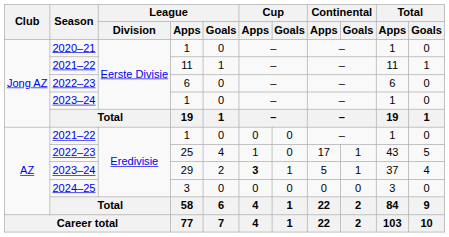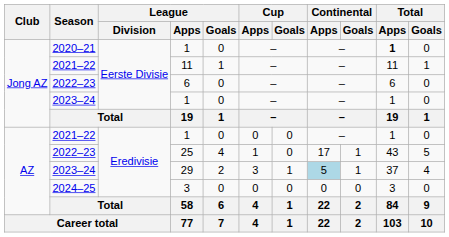 <table class="wikitable" style="text-align: center">
 <tr>
 <th rowspan="2">Club</th>
 <th rowspan="2">Season</th>
 <th colspan="3">League</th>
 <th colspan="2">Cup</th>
 <th colspan="2">Continental</th>
 <th colspan="2">Total</th>
 </tr>
 <tr>
 <th>Division</th>
 <th>Apps</th>
 <th>Goals</th>
 <th>Apps</th>
 <th>Goals</th>
 <th>Apps</th>
 <th>Goals</th>
 <th>Apps</th>
 <th>Goals</th>
 </tr>
 <tr>
 <td rowspan="5"><a href='#'>Jong AZ</a></td>
 <td><a href='#'>2020–21</a></td>
 <td rowspan="4"><a href='#'>Eerste Divisie</a></td>
 <td>1</td>
 <td>0</td>
 <td colspan="2">–</td>
 <td colspan="2">–</td>
-<td>1</td>
+<td><strong>1</strong></td>
 <td>0</td>
 </tr>
 <tr>
 <td><a href='#'>2021–22</a></td>
 <td>11</td>
 <td>1</td>
 <td colspan="2">–</td>
 <td colspan="2">–</td>
 <td>11</td>
 <td>1</td>
 </tr>
 <tr>
 <td><a href='#'>2022–23</a></td>
 <td>6</td>
 <td>0</td>
 <td colspan="2">–</td>
 <td colspan="2">–</td>
 <td>6</td>
 <td>0</td>
 </tr>
 <tr>
 <td><a href='#'>2023–24</a></td>
 <td>1</td>
 <td>0</td>
 <td colspan="2">–</td>
 <td colspan="2">–</td>
 <td>1</td>
 <td>0</td>
 </tr>
 <tr>
 <th colspan="2">Total</th>
 <th>19</th>
 <th>1</th>
 <th colspan="2">–</th>
 <th colspan="2">–</th>
 <th>19</th>
 <th>1</th>
 </tr>
 <tr>
 <td rowspan="5"><a href='#'>AZ</a></td>
 <td><a href='#'>2021–22</a></td>
 <td rowspan="4"><a href='#'>Eredivisie</a></td>
 <td>1</td>
 <td>0</td>
 <td>0</td>
 <td>0</td>
 <td colspan="2">–</td>
 <td>1</td>
 <td>0</td>
 </tr>
 <tr>
 <td><a href='#'>2022–23</a></td>
 <td>25</td>
 <td>4</td>
 <td>1</td>
 <td>0</td>
 <td>17</td>
 <td>1</td>
 <td>43</td>
 <td>5</td>
 </tr>
 <tr>
 <td><a href='#'>2023–24</a></td>
 <td>29</td>
 <td>2</td>
-<td><strong>3</strong></td>
+<td>3</td>
 <td>1</td>
-<td>5</td>
+<td style="background: lightblue;">5</td>
 <td>1</td>
 <td>37</td>
 <td>4</td>
 </tr>
 <tr>
 <td><a href='#'>2024–25</a></td>
 <td>3</td>
 <td>0</td>
 <td>0</td>
 <td>0</td>
 <td>0</td>
 <td>0</td>
 <td>3</td>
 <td>0</td>
 </tr>
 <tr>
 <th colspan="2">Total</th>
 <th>58</th>
 <th>6</th>
 <th>4</th>
 <th>1</th>
 <th>22</th>
 <th>2</th>
 <th>84</th>
 <th>9</th>
 </tr>
 <tr>
 <th colspan="3">Career total</th>
 <th>77</th>
 <th>7</th>
 <th>4</th>
 <th>1</th>
 <th>22</th>
 <th>2</th>
 <th>103</th>
 <th>10</th>
 </tr>
 </table>
